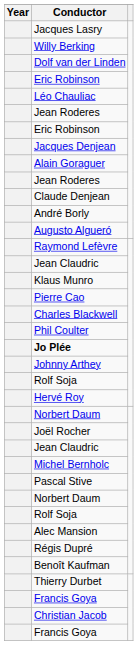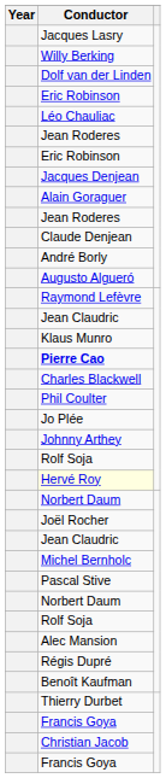 <table class="wikitable plainrowheaders">
 <tr>
 </tr>
 <tr>
 <th scope="col">Year</th>
 <th scope="col">Conductor</th>
 <th scope="col"></th>
 </tr>
 <tr>
 <th scope="row"></th>
 <td>Jacques Lasry</td>
 <td rowspan="13" style="text-align: center"></td>
 </tr>
 <tr>
 <th scope="row"></th>
 <td><a href='#'>Willy Berking</a></td>
 </tr>
 <tr>
 <th scope="row"></th>
 <td><a href='#'>Dolf van der Linden</a></td>
 </tr>
 <tr>
 <th scope="row"></th>
 <td><a href='#'>Eric Robinson</a></td>
 </tr>
 <tr>
 <th scope="row"></th>
 <td><a href='#'>Léo Chauliac</a></td>
 </tr>
 <tr>
 <th scope="row"></th>
 <td>Jean Roderes</td>
 </tr>
 <tr>
 <th scope="row"></th>
 <td>Eric Robinson</td>
 </tr>
 <tr>
 <th scope="row"></th>
 <td><a href='#'>Jacques Denjean</a></td>
 </tr>
 <tr>
 <th scope="row"></th>
 <td><a href='#'>Alain Goraguer</a></td>
 </tr>
 <tr>
 <th scope="row"></th>
 <td>Jean Roderes</td>
 </tr>
 <tr>
 <th scope="row"></th>
 <td>Claude Denjean</td>
 </tr>
 <tr>
 <th scope="row"></th>
 <td>André Borly</td>
 </tr>
 <tr>
 <th scope="row"></th>
 <td><a href='#'>Augusto Algueró</a></td>
 </tr>
 <tr>
 <th scope="row"></th>
 <td><a href='#'>Raymond Lefèvre</a></td>
 <td rowspan="10" style="text-align: center"></td>
 </tr>
 <tr>
 <th scope="row"></th>
 <td>Jean Claudric</td>
 </tr>
 <tr>
 <th scope="row"></th>
 <td>Klaus Munro</td>
 </tr>
 <tr>
 <th scope="row"></th>
-<td><a href='#'>Pierre Cao</a></td>
+<td><strong><a href='#'>Pierre Cao</a></strong></td>
 </tr>
 <tr>
 <th scope="row"></th>
 <td><a href='#'>Charles Blackwell</a></td>
 </tr>
 <tr>
 <th scope="row"></th>
 <td><a href='#'>Phil Coulter</a></td>
 </tr>
 <tr>
 <th scope="row"></th>
-<td><strong>Jo Plée</strong></td>
+<td>Jo Plée</td>
 </tr>
 <tr>
 <th scope="row"></th>
 <td><a href='#'>Johnny Arthey</a></td>
 </tr>
 <tr>
 <th scope="row"></th>
 <td>Rolf Soja</td>
 </tr>
 <tr>
 <th scope="row"></th>
-<td><a href='#'>Hervé Roy</a></td>
+<td style="background: lightyellow;"><a href='#'>Hervé Roy</a></td>
 </tr>
 <tr>
 <th scope="row"></th>
 <td><a href='#'>Norbert Daum</a></td>
 <td rowspan="10" style="text-align: center"></td>
 </tr>
 <tr>
 <th scope="row"></th>
 <td>Joël Rocher</td>
 </tr>
 <tr>
 <th scope="row"></th>
 <td>Jean Claudric</td>
 </tr>
 <tr>
 <th scope="row"></th>
 <td><a href='#'>Michel Bernholc</a></td>
 </tr>
 <tr>
 <th scope="row"></th>
 <td>Pascal Stive</td>
 </tr>
 <tr>
 <th scope="row"></th>
 <td>Norbert Daum</td>
 </tr>
 <tr>
 <th scope="row"></th>
 <td>Rolf Soja</td>
 </tr>
 <tr>
 <th scope="row"></th>
 <td>Alec Mansion</td>
 </tr>
 <tr>
 <th scope="row"></th>
 <td>Régis Dupré</td>
 </tr>
 <tr>
 <th scope="row"></th>
 <td>Benoît Kaufman</td>
 </tr>
 <tr>
 <th scope="row"></th>
 <td>Thierry Durbet</td>
 <td rowspan="4" style="text-align: center"></td>
 </tr>
 <tr>
 <th scope="row"></th>
 <td><a href='#'>Francis Goya</a></td>
 </tr>
 <tr>
 <th scope="row"></th>
 <td><a href='#'>Christian Jacob</a></td>
 </tr>
 <tr>
 <th scope="row"></th>
 <td>Francis Goya</td>
 </tr>
 </table>
